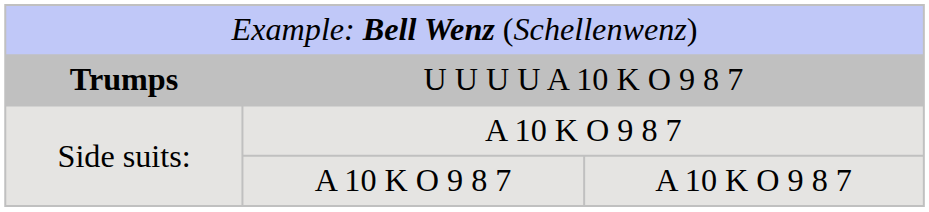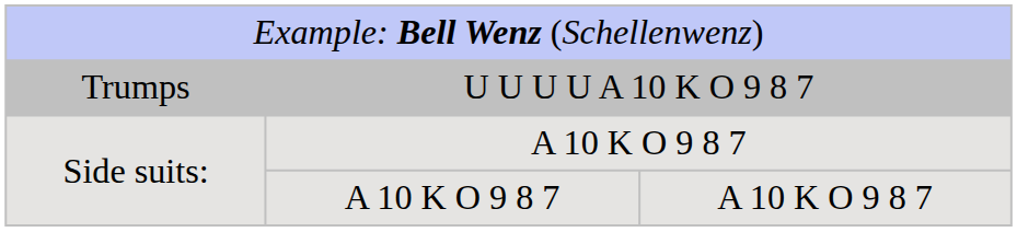 <table cellpadding="3" style="float: right; background: #C0C0C0; margin-left: 1em; border-spacing: 1px;">
 <tr align="center">
 <td style="background: #c0c8f8;" colspan="3" width="450"><em>Example:</em> <strong><em>Bell Wenz</em></strong> (<em>Schellenwenz</em>)</td>
 </tr>
 <tr align="center">
-<td><strong>Trumps</strong></td>
+<td>Trumps</td>
 <td colspan="2">U U U U A 10 K O 9 8 7</td>
 </tr>
 <tr align="center">
 <td rowspan = "2" style="background: #e5e4e2;">Side suits:</td>
 <td colspan = "2" style="background: #e5e4e2;">A 10 K O 9 8 7</td>
 </tr>
 <tr align="center">
 <td style="background: #e5e4e2;">A 10 K O 9 8 7</td>
 <td style="background: #e5e4e2;">A 10 K O 9 8 7</td>
 </tr>
 </table>
